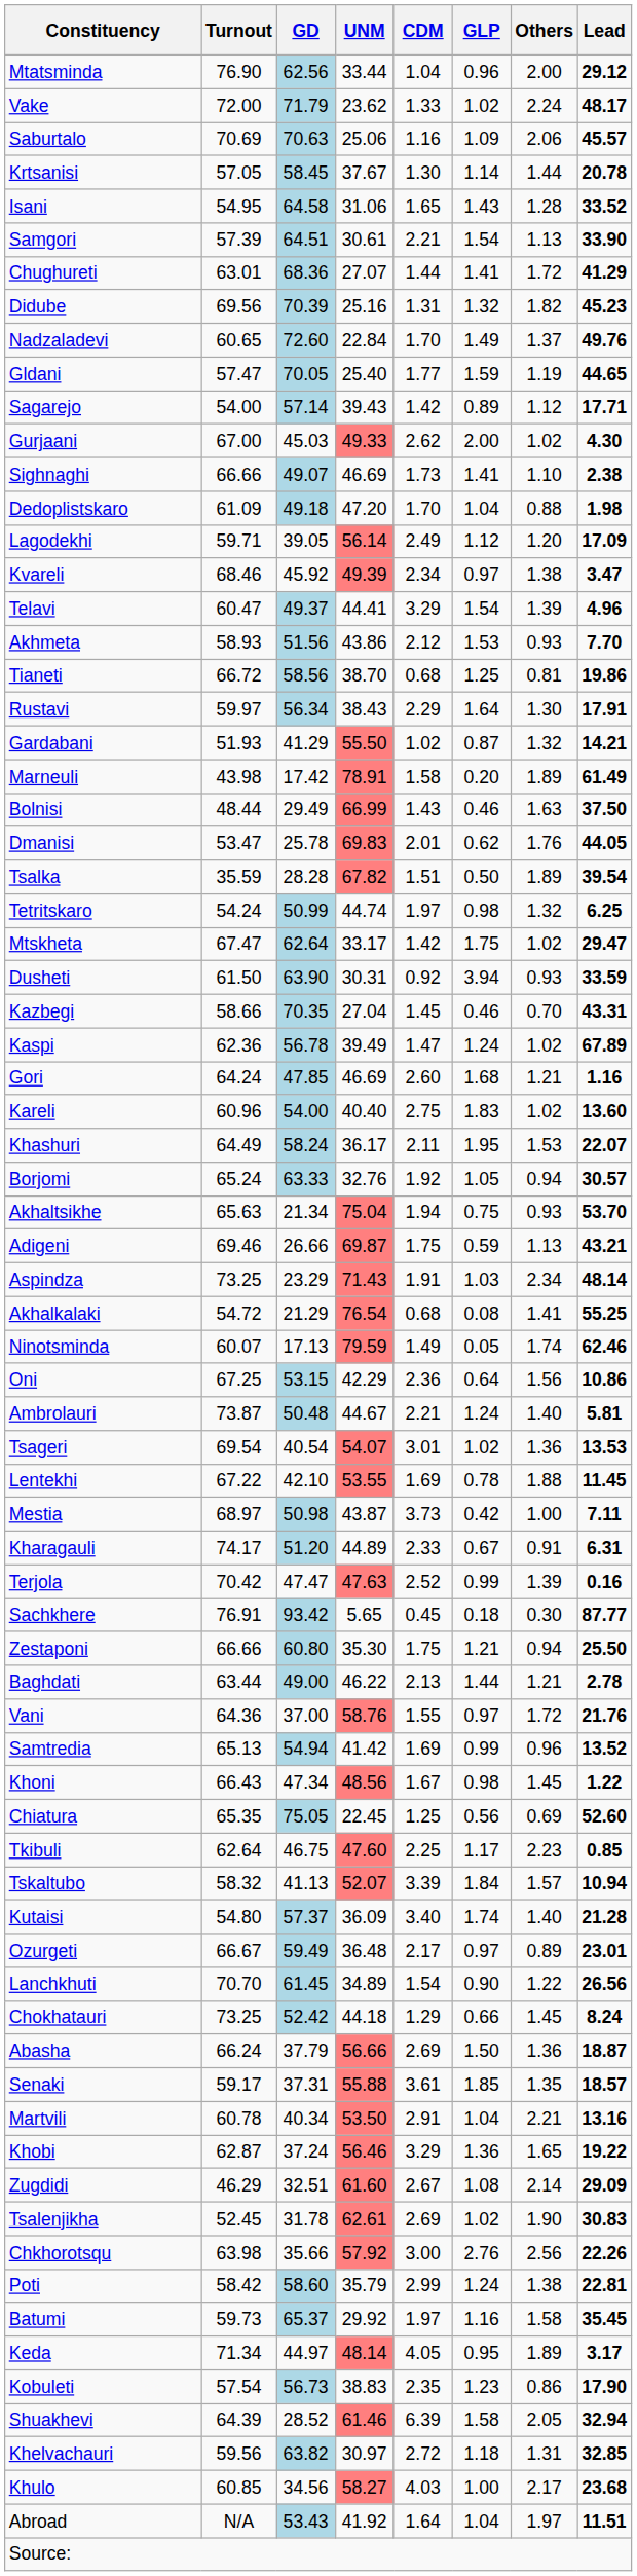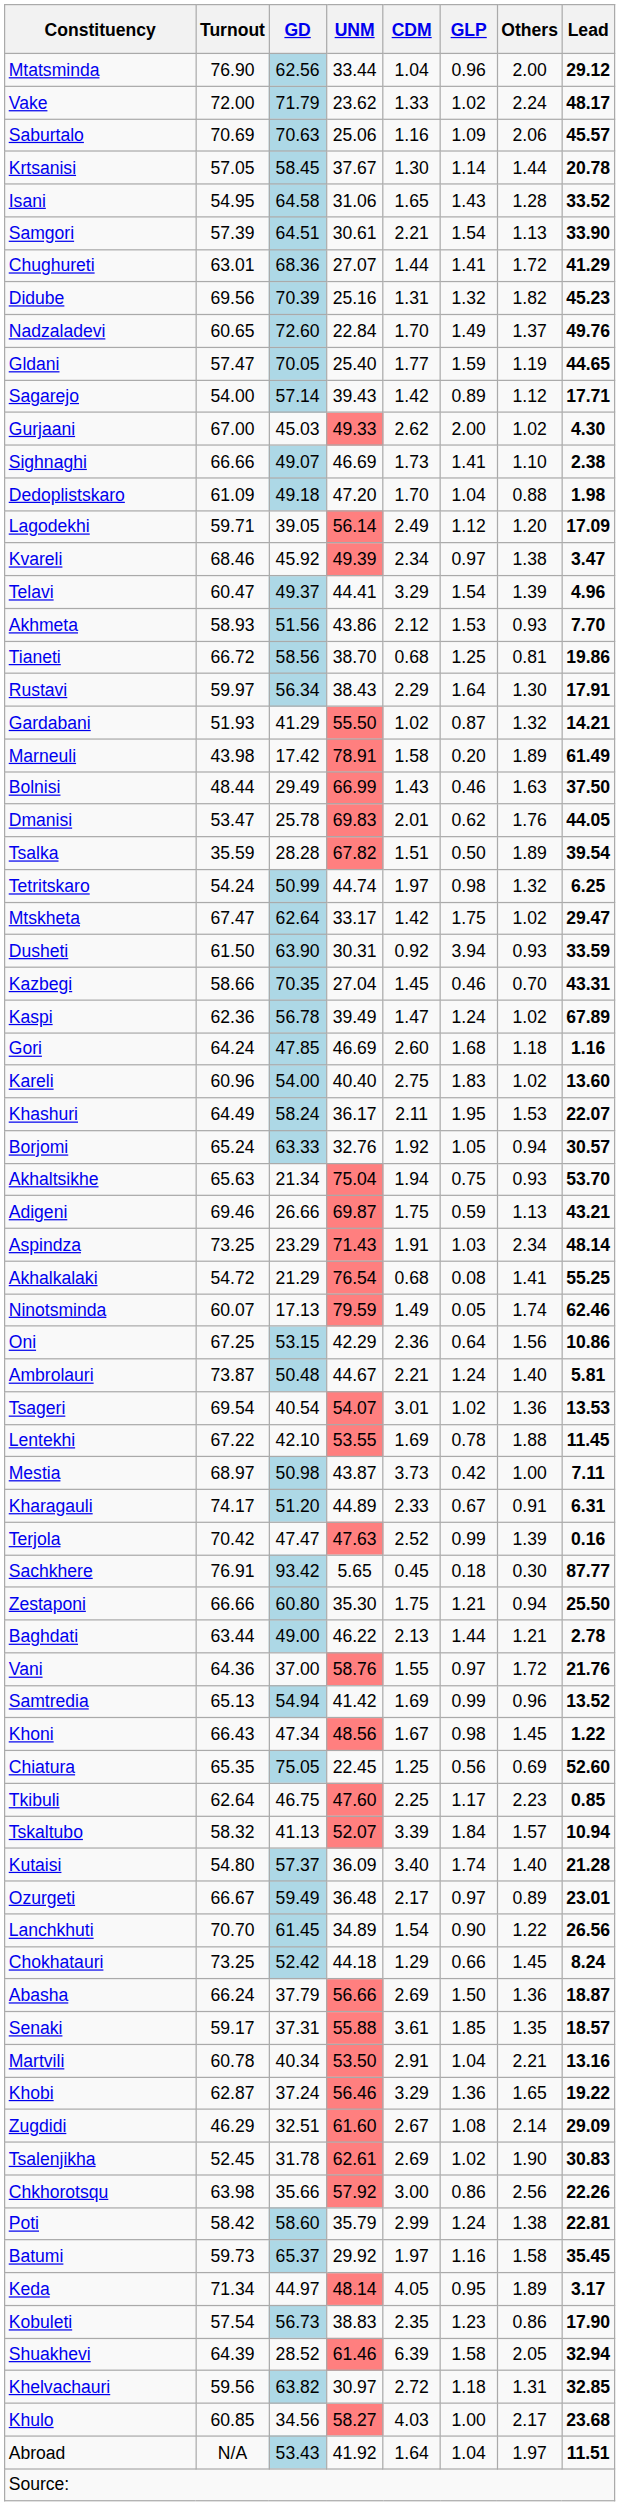 <table class="wikitable sortable" style="text-align:center;font-size:90%;line-height:20px">
 <tr style="height:40px;">
 <th style="width:150px;">Constituency</th>
 <th style="width:40px;">Turnout</th>
 <th style="width:40px;"><a href='#'>GD</a></th>
 <th style="width:40px;"><a href='#'>UNM</a></th>
 <th style="width:40px;"><a href='#'>CDM</a></th>
 <th style="width:40px;"><a href='#'>GLP</a></th>
 <th style="width:40px;">Others</th>
 <th style="width:30px;">Lead</th>
 </tr>
 <tr>
 <td align="left"><a href='#'>Mtatsminda</a></td>
 <td>76.90</td>
 <td style="background:#ADD8E6;">62.56</td>
 <td>33.44</td>
 <td>1.04</td>
 <td>0.96</td>
 <td>2.00</td>
 <td style="background:"><strong>29.12</strong></td>
 </tr>
 <tr>
 <td align="left"><a href='#'>Vake</a></td>
 <td>72.00</td>
 <td style="background:#ADD8E6;">71.79</td>
 <td>23.62</td>
 <td>1.33</td>
 <td>1.02</td>
 <td>2.24</td>
 <td style="background:"><strong>48.17</strong></td>
 </tr>
 <tr>
 <td align="left"><a href='#'>Saburtalo</a></td>
 <td>70.69</td>
 <td style="background:#ADD8E6;">70.63</td>
 <td>25.06</td>
 <td>1.16</td>
 <td>1.09</td>
 <td>2.06</td>
 <td style="background:"><strong>45.57</strong></td>
 </tr>
 <tr>
 <td align="left"><a href='#'>Krtsanisi</a></td>
 <td>57.05</td>
 <td style="background:#ADD8E6;">58.45</td>
 <td>37.67</td>
 <td>1.30</td>
 <td>1.14</td>
 <td>1.44</td>
 <td style="background:"><strong>20.78</strong></td>
 </tr>
 <tr>
 <td align="left"><a href='#'>Isani</a></td>
 <td>54.95</td>
 <td style="background:#ADD8E6;">64.58</td>
 <td>31.06</td>
 <td>1.65</td>
 <td>1.43</td>
 <td>1.28</td>
 <td style="background:"><strong>33.52</strong></td>
 </tr>
 <tr>
 <td align="left"><a href='#'>Samgori</a></td>
 <td>57.39</td>
 <td style="background:#ADD8E6;">64.51</td>
 <td>30.61</td>
 <td>2.21</td>
 <td>1.54</td>
 <td>1.13</td>
 <td style="background:"><strong>33.90</strong></td>
 </tr>
 <tr>
 <td align="left"><a href='#'>Chughureti</a></td>
 <td>63.01</td>
 <td style="background:#ADD8E6;">68.36</td>
 <td>27.07</td>
 <td>1.44</td>
 <td>1.41</td>
 <td>1.72</td>
 <td style="background:"><strong>41.29</strong></td>
 </tr>
 <tr>
 <td align="left"><a href='#'>Didube</a></td>
 <td>69.56</td>
 <td style="background:#ADD8E6;">70.39</td>
 <td>25.16</td>
 <td>1.31</td>
 <td>1.32</td>
 <td>1.82</td>
 <td style="background:"><strong>45.23</strong></td>
 </tr>
 <tr>
 <td align="left"><a href='#'>Nadzaladevi</a></td>
 <td>60.65</td>
 <td style="background:#ADD8E6;">72.60</td>
 <td>22.84</td>
 <td>1.70</td>
 <td>1.49</td>
 <td>1.37</td>
 <td style="background:"><strong>49.76</strong></td>
 </tr>
 <tr>
 <td align="left"><a href='#'>Gldani</a></td>
 <td>57.47</td>
 <td style="background:#ADD8E6;">70.05</td>
 <td>25.40</td>
 <td>1.77</td>
 <td>1.59</td>
 <td>1.19</td>
 <td style="background:"><strong>44.65</strong></td>
 </tr>
 <tr>
 <td align="left"><a href='#'>Sagarejo</a></td>
 <td>54.00</td>
 <td style="background:#ADD8E6;">57.14</td>
 <td>39.43</td>
 <td>1.42</td>
 <td>0.89</td>
 <td>1.12</td>
 <td style="background:"><strong>17.71</strong></td>
 </tr>
 <tr>
 <td align="left"><a href='#'>Gurjaani</a></td>
 <td>67.00</td>
 <td>45.03</td>
 <td style="background:#FF7F7F;">49.33</td>
 <td>2.62</td>
 <td>2.00</td>
 <td>1.02</td>
 <td style="background:"><strong>4.30</strong></td>
 </tr>
 <tr>
 <td align="left"><a href='#'>Sighnaghi</a></td>
 <td>66.66</td>
 <td style="background:#ADD8E6;">49.07</td>
 <td>46.69</td>
 <td>1.73</td>
 <td>1.41</td>
 <td>1.10</td>
 <td style="background:"><strong>2.38</strong></td>
 </tr>
 <tr>
 <td align="left"><a href='#'>Dedoplistskaro</a></td>
 <td>61.09</td>
 <td style="background:#ADD8E6;">49.18</td>
 <td>47.20</td>
 <td>1.70</td>
 <td>1.04</td>
 <td>0.88</td>
 <td style="background:"><strong>1.98</strong></td>
 </tr>
 <tr>
 <td align="left"><a href='#'>Lagodekhi</a></td>
 <td>59.71</td>
 <td>39.05</td>
 <td style="background:#FF7F7F;">56.14</td>
 <td>2.49</td>
 <td>1.12</td>
 <td>1.20</td>
 <td style="background:"><strong>17.09</strong></td>
 </tr>
 <tr>
 <td align="left"><a href='#'>Kvareli</a></td>
 <td>68.46</td>
 <td>45.92</td>
 <td style="background:#FF7F7F;">49.39</td>
 <td>2.34</td>
 <td>0.97</td>
 <td>1.38</td>
 <td style="background:"><strong>3.47</strong></td>
 </tr>
 <tr>
 <td align="left"><a href='#'>Telavi</a></td>
 <td>60.47</td>
 <td style="background:#ADD8E6;">49.37</td>
 <td>44.41</td>
 <td>3.29</td>
 <td>1.54</td>
 <td>1.39</td>
 <td style="background:"><strong>4.96</strong></td>
 </tr>
 <tr>
 <td align="left"><a href='#'>Akhmeta</a></td>
 <td>58.93</td>
 <td style="background:#ADD8E6;">51.56</td>
 <td>43.86</td>
 <td>2.12</td>
 <td>1.53</td>
 <td>0.93</td>
 <td style="background:"><strong>7.70</strong></td>
 </tr>
 <tr>
 <td align="left"><a href='#'>Tianeti</a></td>
 <td>66.72</td>
 <td style="background:#ADD8E6;">58.56</td>
 <td>38.70</td>
 <td>0.68</td>
 <td>1.25</td>
 <td>0.81</td>
 <td style="background:"><strong>19.86</strong></td>
 </tr>
 <tr>
 <td align="left"><a href='#'>Rustavi</a></td>
 <td>59.97</td>
 <td style="background:#ADD8E6;">56.34</td>
 <td>38.43</td>
 <td>2.29</td>
 <td>1.64</td>
 <td>1.30</td>
 <td style="background:"><strong>17.91</strong></td>
 </tr>
 <tr>
 <td align="left"><a href='#'>Gardabani</a></td>
 <td>51.93</td>
 <td>41.29</td>
 <td style="background:#FF7F7F;">55.50</td>
 <td>1.02</td>
 <td>0.87</td>
 <td>1.32</td>
 <td style="background:"><strong>14.21</strong></td>
 </tr>
 <tr>
 <td align="left"><a href='#'>Marneuli</a></td>
 <td>43.98</td>
 <td>17.42</td>
 <td style="background:#FF7F7F;">78.91</td>
 <td>1.58</td>
 <td>0.20</td>
 <td>1.89</td>
 <td style="background:"><strong>61.49</strong></td>
 </tr>
 <tr>
 <td align="left"><a href='#'>Bolnisi</a></td>
 <td>48.44</td>
 <td>29.49</td>
 <td style="background:#FF7F7F;">66.99</td>
 <td>1.43</td>
 <td>0.46</td>
 <td>1.63</td>
 <td style="background:"><strong>37.50</strong></td>
 </tr>
 <tr>
 <td align="left"><a href='#'>Dmanisi</a></td>
 <td>53.47</td>
 <td>25.78</td>
 <td style="background:#FF7F7F;">69.83</td>
 <td>2.01</td>
 <td>0.62</td>
 <td>1.76</td>
 <td style="background:"><strong>44.05</strong></td>
 </tr>
 <tr>
 <td align="left"><a href='#'>Tsalka</a></td>
 <td>35.59</td>
 <td>28.28</td>
 <td style="background:#FF7F7F;">67.82</td>
 <td>1.51</td>
 <td>0.50</td>
 <td>1.89</td>
 <td style="background:"><strong>39.54</strong></td>
 </tr>
 <tr>
 <td align="left"><a href='#'>Tetritskaro</a></td>
 <td>54.24</td>
 <td style="background:#ADD8E6;">50.99</td>
 <td>44.74</td>
 <td>1.97</td>
 <td>0.98</td>
 <td>1.32</td>
 <td style="background:"><strong>6.25</strong></td>
 </tr>
 <tr>
 <td align="left"><a href='#'>Mtskheta</a></td>
 <td>67.47</td>
 <td style="background:#ADD8E6;">62.64</td>
 <td>33.17</td>
 <td>1.42</td>
 <td>1.75</td>
 <td>1.02</td>
 <td style="background:"><strong>29.47</strong></td>
 </tr>
 <tr>
 <td align="left"><a href='#'>Dusheti</a></td>
 <td>61.50</td>
 <td style="background:#ADD8E6;">63.90</td>
 <td>30.31</td>
 <td>0.92</td>
 <td>3.94</td>
 <td>0.93</td>
 <td style="background:"><strong>33.59</strong></td>
 </tr>
 <tr>
 <td align="left"><a href='#'>Kazbegi</a></td>
 <td>58.66</td>
 <td style="background:#ADD8E6;">70.35</td>
 <td>27.04</td>
 <td>1.45</td>
 <td>0.46</td>
 <td>0.70</td>
 <td style="background:"><strong>43.31</strong></td>
 </tr>
 <tr>
 <td align="left"><a href='#'>Kaspi</a></td>
 <td>62.36</td>
 <td style="background:#ADD8E6;">56.78</td>
 <td>39.49</td>
 <td>1.47</td>
 <td>1.24</td>
 <td>1.02</td>
 <td style="background:"><strong>67.89</strong></td>
 </tr>
 <tr>
 <td align="left"><a href='#'>Gori</a></td>
 <td>64.24</td>
 <td style="background:#ADD8E6;">47.85</td>
 <td>46.69</td>
 <td>2.60</td>
 <td>1.68</td>
-<td>1.21</td>
+<td>1.18</td>
 <td style="background:"><strong>1.16</strong></td>
 </tr>
 <tr>
 <td align="left"><a href='#'>Kareli</a></td>
 <td>60.96</td>
 <td style="background:#ADD8E6;">54.00</td>
 <td>40.40</td>
 <td>2.75</td>
 <td>1.83</td>
 <td>1.02</td>
 <td style="background:"><strong>13.60</strong></td>
 </tr>
 <tr>
 <td align="left"><a href='#'>Khashuri</a></td>
 <td>64.49</td>
 <td style="background:#ADD8E6;">58.24</td>
 <td>36.17</td>
 <td>2.11</td>
 <td>1.95</td>
 <td>1.53</td>
 <td style="background:"><strong>22.07</strong></td>
 </tr>
 <tr>
 <td align="left"><a href='#'>Borjomi</a></td>
 <td>65.24</td>
 <td style="background:#ADD8E6;">63.33</td>
 <td>32.76</td>
 <td>1.92</td>
 <td>1.05</td>
 <td>0.94</td>
 <td style="background:"><strong>30.57</strong></td>
 </tr>
 <tr>
 <td align="left"><a href='#'>Akhaltsikhe</a></td>
 <td>65.63</td>
 <td>21.34</td>
 <td style="background:#FF7F7F;">75.04</td>
 <td>1.94</td>
 <td>0.75</td>
 <td>0.93</td>
 <td style="background:"><strong>53.70</strong></td>
 </tr>
 <tr>
 <td align="left"><a href='#'>Adigeni</a></td>
 <td>69.46</td>
 <td>26.66</td>
 <td style="background:#FF7F7F;">69.87</td>
 <td>1.75</td>
 <td>0.59</td>
 <td>1.13</td>
 <td style="background:"><strong>43.21</strong></td>
 </tr>
 <tr>
 <td align="left"><a href='#'>Aspindza</a></td>
 <td>73.25</td>
 <td>23.29</td>
 <td style="background:#FF7F7F;">71.43</td>
 <td>1.91</td>
 <td>1.03</td>
 <td>2.34</td>
 <td style="background:"><strong>48.14</strong></td>
 </tr>
 <tr>
 <td align="left"><a href='#'>Akhalkalaki</a></td>
 <td>54.72</td>
 <td>21.29</td>
 <td style="background:#FF7F7F;">76.54</td>
 <td>0.68</td>
 <td>0.08</td>
 <td>1.41</td>
 <td style="background:"><strong>55.25</strong></td>
 </tr>
 <tr>
 <td align="left"><a href='#'>Ninotsminda</a></td>
 <td>60.07</td>
 <td>17.13</td>
 <td style="background:#FF7F7F;">79.59</td>
 <td>1.49</td>
 <td>0.05</td>
 <td>1.74</td>
 <td style="background:"><strong>62.46</strong></td>
 </tr>
 <tr>
 <td align="left"><a href='#'>Oni</a></td>
 <td>67.25</td>
 <td style="background:#ADD8E6;">53.15</td>
 <td>42.29</td>
 <td>2.36</td>
 <td>0.64</td>
 <td>1.56</td>
 <td style="background:"><strong>10.86</strong></td>
 </tr>
 <tr>
 <td align="left"><a href='#'>Ambrolauri</a></td>
 <td>73.87</td>
 <td style="background:#ADD8E6;">50.48</td>
 <td>44.67</td>
 <td>2.21</td>
 <td>1.24</td>
 <td>1.40</td>
 <td style="background:"><strong>5.81</strong></td>
 </tr>
 <tr>
 <td align="left"><a href='#'>Tsageri</a></td>
 <td>69.54</td>
 <td>40.54</td>
 <td style="background:#FF7F7F;">54.07</td>
 <td>3.01</td>
 <td>1.02</td>
 <td>1.36</td>
 <td style="background:"><strong>13.53</strong></td>
 </tr>
 <tr>
 <td align="left"><a href='#'>Lentekhi</a></td>
 <td>67.22</td>
 <td>42.10</td>
 <td style="background:#FF7F7F;">53.55</td>
 <td>1.69</td>
 <td>0.78</td>
 <td>1.88</td>
 <td style="background:"><strong>11.45</strong></td>
 </tr>
 <tr>
 <td align="left"><a href='#'>Mestia</a></td>
 <td>68.97</td>
 <td style="background:#ADD8E6;">50.98</td>
 <td>43.87</td>
 <td>3.73</td>
 <td>0.42</td>
 <td>1.00</td>
 <td style="background:"><strong>7.11</strong></td>
 </tr>
 <tr>
 <td align="left"><a href='#'>Kharagauli</a></td>
 <td>74.17</td>
 <td style="background:#ADD8E6;">51.20</td>
 <td>44.89</td>
 <td>2.33</td>
 <td>0.67</td>
 <td>0.91</td>
 <td style="background:"><strong>6.31</strong></td>
 </tr>
 <tr>
 <td align="left"><a href='#'>Terjola</a></td>
 <td>70.42</td>
 <td>47.47</td>
 <td style="background:#FF7F7F;">47.63</td>
 <td>2.52</td>
 <td>0.99</td>
 <td>1.39</td>
 <td style="background:"><strong>0.16</strong></td>
 </tr>
 <tr>
 <td align="left"><a href='#'>Sachkhere</a></td>
 <td>76.91</td>
 <td style="background:#ADD8E6;">93.42</td>
 <td>5.65</td>
 <td>0.45</td>
 <td>0.18</td>
 <td>0.30</td>
 <td style="background:"><strong>87.77</strong></td>
 </tr>
 <tr>
 <td align="left"><a href='#'>Zestaponi</a></td>
 <td>66.66</td>
 <td style="background:#ADD8E6;">60.80</td>
 <td>35.30</td>
 <td>1.75</td>
 <td>1.21</td>
 <td>0.94</td>
 <td style="background:"><strong>25.50</strong></td>
 </tr>
 <tr>
 <td align="left"><a href='#'>Baghdati</a></td>
 <td>63.44</td>
 <td style="background:#ADD8E6;">49.00</td>
 <td>46.22</td>
 <td>2.13</td>
 <td>1.44</td>
 <td>1.21</td>
 <td style="background:"><strong>2.78</strong></td>
 </tr>
 <tr>
 <td align="left"><a href='#'>Vani</a></td>
 <td>64.36</td>
 <td>37.00</td>
 <td style="background:#FF7F7F;">58.76</td>
 <td>1.55</td>
 <td>0.97</td>
 <td>1.72</td>
 <td style="background:"><strong>21.76</strong></td>
 </tr>
 <tr>
 <td align="left"><a href='#'>Samtredia</a></td>
 <td>65.13</td>
 <td style="background:#ADD8E6;">54.94</td>
 <td>41.42</td>
 <td>1.69</td>
 <td>0.99</td>
 <td>0.96</td>
 <td style="background:"><strong>13.52</strong></td>
 </tr>
 <tr>
 <td align="left"><a href='#'>Khoni</a></td>
 <td>66.43</td>
 <td>47.34</td>
 <td style="background:#FF7F7F;">48.56</td>
 <td>1.67</td>
 <td>0.98</td>
 <td>1.45</td>
 <td style="background:"><strong>1.22</strong></td>
 </tr>
 <tr>
 <td align="left"><a href='#'>Chiatura</a></td>
 <td>65.35</td>
 <td style="background:#ADD8E6;">75.05</td>
 <td>22.45</td>
 <td>1.25</td>
 <td>0.56</td>
 <td>0.69</td>
 <td style="background:"><strong>52.60</strong></td>
 </tr>
 <tr>
 <td align="left"><a href='#'>Tkibuli</a></td>
 <td>62.64</td>
 <td>46.75</td>
 <td style="background:#FF7F7F;">47.60</td>
 <td>2.25</td>
 <td>1.17</td>
 <td>2.23</td>
 <td style="background:"><strong>0.85</strong></td>
 </tr>
 <tr>
 <td align="left"><a href='#'>Tskaltubo</a></td>
 <td>58.32</td>
 <td>41.13</td>
 <td style="background:#FF7F7F;">52.07</td>
 <td>3.39</td>
 <td>1.84</td>
 <td>1.57</td>
 <td style="background:"><strong>10.94</strong></td>
 </tr>
 <tr>
 <td align="left"><a href='#'>Kutaisi</a></td>
 <td>54.80</td>
 <td style="background:#ADD8E6;">57.37</td>
 <td>36.09</td>
 <td>3.40</td>
 <td>1.74</td>
 <td>1.40</td>
 <td style="background:"><strong>21.28</strong></td>
 </tr>
 <tr>
 <td align="left"><a href='#'>Ozurgeti</a></td>
 <td>66.67</td>
 <td style="background:#ADD8E6;">59.49</td>
 <td>36.48</td>
 <td>2.17</td>
 <td>0.97</td>
 <td>0.89</td>
 <td style="background:"><strong>23.01</strong></td>
 </tr>
 <tr>
 <td align="left"><a href='#'>Lanchkhuti</a></td>
 <td>70.70</td>
 <td style="background:#ADD8E6;">61.45</td>
 <td>34.89</td>
 <td>1.54</td>
 <td>0.90</td>
 <td>1.22</td>
 <td style="background:"><strong>26.56</strong></td>
 </tr>
 <tr>
 <td align="left"><a href='#'>Chokhatauri</a></td>
 <td>73.25</td>
 <td style="background:#ADD8E6;">52.42</td>
 <td>44.18</td>
 <td>1.29</td>
 <td>0.66</td>
 <td>1.45</td>
 <td style="background:"><strong>8.24</strong></td>
 </tr>
 <tr>
 <td align="left"><a href='#'>Abasha</a></td>
 <td>66.24</td>
 <td>37.79</td>
 <td style="background:#FF7F7F;">56.66</td>
 <td>2.69</td>
 <td>1.50</td>
 <td>1.36</td>
 <td style="background:"><strong>18.87</strong></td>
 </tr>
 <tr>
 <td align="left"><a href='#'>Senaki</a></td>
 <td>59.17</td>
 <td>37.31</td>
 <td style="background:#FF7F7F;">55.88</td>
 <td>3.61</td>
 <td>1.85</td>
 <td>1.35</td>
 <td style="background:"><strong>18.57</strong></td>
 </tr>
 <tr>
 <td align="left"><a href='#'>Martvili</a></td>
 <td>60.78</td>
 <td>40.34</td>
 <td style="background:#FF7F7F;">53.50</td>
 <td>2.91</td>
 <td>1.04</td>
 <td>2.21</td>
 <td style="background:"><strong>13.16</strong></td>
 </tr>
 <tr>
 <td align="left"><a href='#'>Khobi</a></td>
 <td>62.87</td>
 <td>37.24</td>
 <td style="background:#FF7F7F;">56.46</td>
 <td>3.29</td>
 <td>1.36</td>
 <td>1.65</td>
 <td style="background:"><strong>19.22</strong></td>
 </tr>
 <tr>
 <td align="left"><a href='#'>Zugdidi</a></td>
 <td>46.29</td>
 <td>32.51</td>
 <td style="background:#FF7F7F;">61.60</td>
 <td>2.67</td>
 <td>1.08</td>
 <td>2.14</td>
 <td style="background:"><strong>29.09</strong></td>
 </tr>
 <tr>
 <td align="left"><a href='#'>Tsalenjikha</a></td>
 <td>52.45</td>
 <td>31.78</td>
 <td style="background:#FF7F7F;">62.61</td>
 <td>2.69</td>
 <td>1.02</td>
 <td>1.90</td>
 <td style="background:"><strong>30.83</strong></td>
 </tr>
 <tr>
 <td align="left"><a href='#'>Chkhorotsqu</a></td>
 <td>63.98</td>
 <td>35.66</td>
 <td style="background:#FF7F7F;">57.92</td>
 <td>3.00</td>
-<td>2.76</td>
+<td>0.86</td>
 <td>2.56</td>
 <td style="background:"><strong>22.26</strong></td>
 </tr>
 <tr>
 <td align="left"><a href='#'>Poti</a></td>
 <td>58.42</td>
 <td style="background:#ADD8E6;">58.60</td>
 <td>35.79</td>
 <td>2.99</td>
 <td>1.24</td>
 <td>1.38</td>
 <td style="background:"><strong>22.81</strong></td>
 </tr>
 <tr>
 <td align="left"><a href='#'>Batumi</a></td>
 <td>59.73</td>
 <td style="background:#ADD8E6;">65.37</td>
 <td>29.92</td>
 <td>1.97</td>
 <td>1.16</td>
 <td>1.58</td>
 <td style="background:"><strong>35.45</strong></td>
 </tr>
 <tr>
 <td align="left"><a href='#'>Keda</a></td>
 <td>71.34</td>
 <td>44.97</td>
 <td style="background:#FF7F7F;">48.14</td>
 <td>4.05</td>
 <td>0.95</td>
 <td>1.89</td>
 <td style="background:"><strong>3.17</strong></td>
 </tr>
 <tr>
 <td align="left"><a href='#'>Kobuleti</a></td>
 <td>57.54</td>
 <td style="background:#ADD8E6;">56.73</td>
 <td>38.83</td>
 <td>2.35</td>
 <td>1.23</td>
 <td>0.86</td>
 <td style="background:"><strong>17.90</strong></td>
 </tr>
 <tr>
 <td align="left"><a href='#'>Shuakhevi</a></td>
 <td>64.39</td>
 <td>28.52</td>
 <td style="background:#FF7F7F;">61.46</td>
 <td>6.39</td>
 <td>1.58</td>
 <td>2.05</td>
 <td style="background:"><strong>32.94</strong></td>
 </tr>
 <tr>
 <td align="left"><a href='#'>Khelvachauri</a></td>
 <td>59.56</td>
 <td style="background:#ADD8E6;">63.82</td>
 <td>30.97</td>
 <td>2.72</td>
 <td>1.18</td>
 <td>1.31</td>
 <td style="background:"><strong>32.85</strong></td>
 </tr>
 <tr>
 <td align="left"><a href='#'>Khulo</a></td>
 <td>60.85</td>
 <td>34.56</td>
 <td style="background:#FF7F7F;">58.27</td>
 <td>4.03</td>
 <td>1.00</td>
 <td>2.17</td>
 <td style="background:"><strong>23.68</strong></td>
 </tr>
 <tr>
 <td align="left">Abroad</td>
 <td>N/A</td>
 <td style="background:#ADD8E6;">53.43</td>
 <td>41.92</td>
 <td>1.64</td>
 <td>1.04</td>
 <td>1.97</td>
 <td style="background:"><strong>11.51</strong></td>
 </tr>
 <tr>
 <td align=left colspan=9>Source: </td>
 </tr>
 </table>
